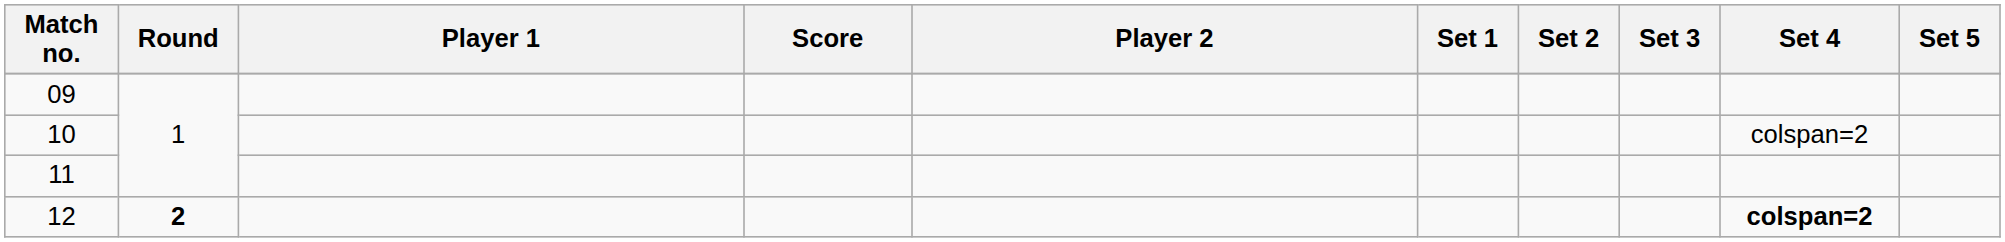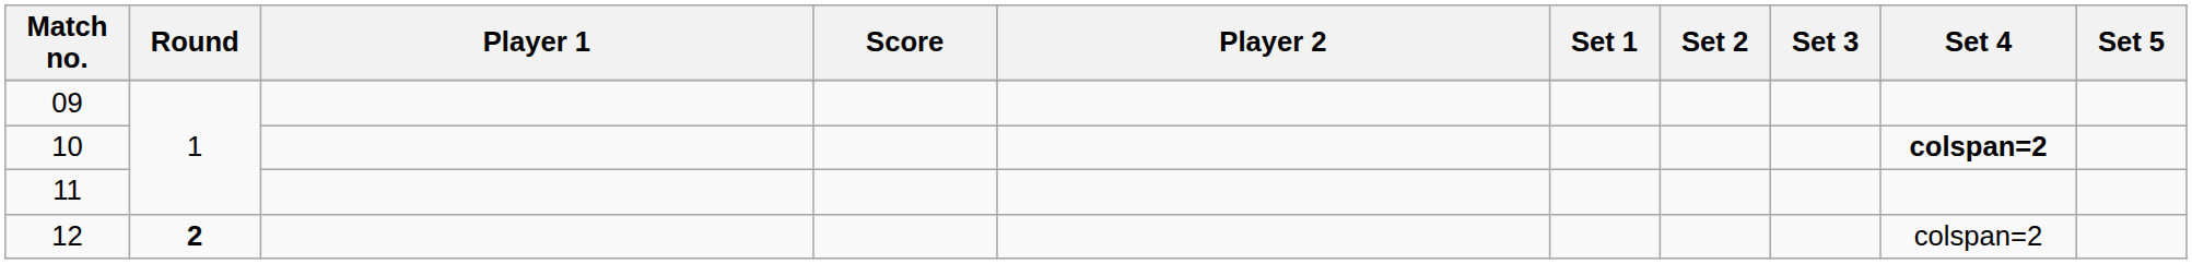 <table class="wikitable" style="text-align: center;">
 <tr>
 <th width="2%">Match no.</th>
 <th width="2%">Round</th>
 <th width="15%">Player 1</th>
 <th width="5%">Score</th>
 <th width="15%">Player 2</th>
 <th width="3%">Set 1</th>
 <th width="3%">Set 2</th>
 <th width="3%">Set 3</th>
 <th width="3%">Set 4</th>
 <th width="3%">Set 5</th>
 </tr>
 <tr>
 </tr>
 <tr style=text-align:center;>
 <td>09</td>
 <td rowspan=3>1</td>
 <td></td>
 <td></td>
 <td></td>
 <td></td>
 <td></td>
 <td></td>
 <td></td>
 <td></td>
 </tr>
 <tr style=text-align:center;>
 <td>10</td>
 <td></td>
 <td></td>
 <td></td>
 <td></td>
 <td></td>
 <td></td>
-<td>colspan=2</td>
+<td><strong>colspan=2</strong></td>
 </tr>
 <tr style=text-align:center;>
 <td>11</td>
 <td></td>
 <td></td>
 <td></td>
 <td></td>
 <td></td>
 <td></td>
 <td></td>
 <td></td>
 </tr>
 <tr style=text-align:center;>
 <td>12</td>
 <td><strong>2</strong></td>
 <td></td>
 <td></td>
 <td></td>
 <td></td>
 <td></td>
 <td></td>
-<td><strong>colspan=2</strong></td>
+<td>colspan=2</td>
 </tr>
 </table>
